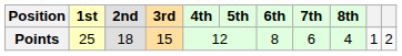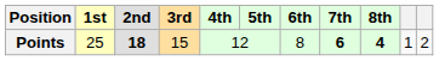 <table class="wikitable" style="font-size:85%; text-align:center">
 <tr>
 <th>Position</th>
 <th style="background:#ffffbf;"> <strong>1st</strong> </th>
 <th style="background:#dfdfdf;"> <strong>2nd</strong> </th>
 <th style="background:#ffdf9f;"> <strong>3rd</strong> </th>
 <th style="background:#dfffdf;"> <strong>4th</strong> </th>
 <th style="background:#dfffdf;"> <strong>5th</strong> </th>
 <th style="background:#dfffdf;"> <strong>6th</strong> </th>
 <th style="background:#dfffdf;"> <strong>7th</strong> </th>
 <th style="background:#dfffdf;"> <strong>8th</strong> </th>
 <th> <strong></strong> </th>
 <th> <strong></strong> </th>
 </tr>
 <tr>
 <th>Points</th>
 <td style="background:#ffffbf;">25</td>
-<td style="background:#dfdfdf;">18</td>
+<td style="background:#dfdfdf;"><strong>18</strong></td>
 <td style="background:#ffdf9f;">15</td>
 <td colspan="2" style="background:#dfffdf;">12</td>
 <td style="background:#dfffdf;">8</td>
-<td style="background:#dfffdf;">6</td>
-<td style="background:#dfffdf;">4</td>
+<td style="background:#dfffdf;"><strong>6</strong></td>
+<td style="background:#dfffdf;"><strong>4</strong></td>
 <td>1</td>
 <td>2</td>
 </tr>
 </table>
